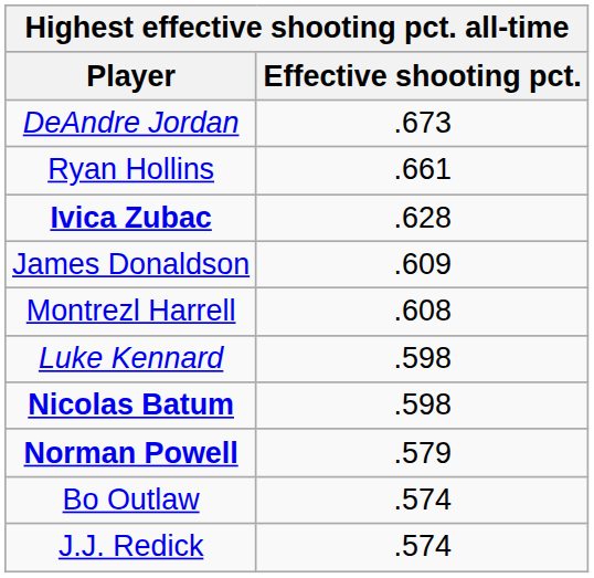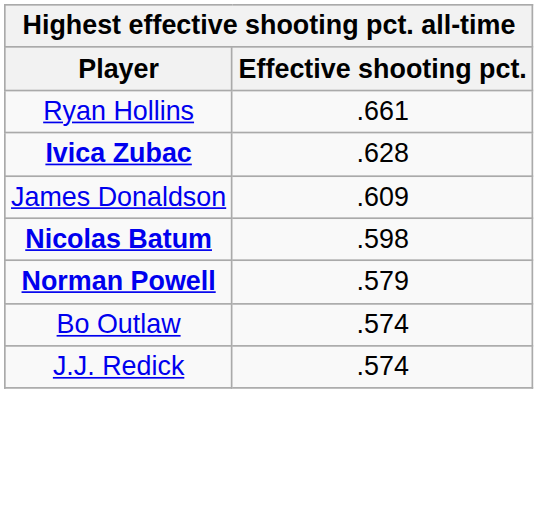 <table class="wikitable sortable" style="text-align:center">
 <tr>
 <th colspan="2">Highest effective shooting pct. all-time</th>
 </tr>
 <tr>
 <th>Player</th>
 <th>Effective shooting pct.</th>
-</tr>
-<tr>
-<td><em><a href='#'>DeAndre Jordan</a></em></td>
-<td>.673</td>
 </tr>
 <tr>
 <td><a href='#'>Ryan Hollins</a></td>
 <td>.661</td>
 </tr>
 <tr>
 <td><strong><a href='#'>Ivica Zubac</a></strong></td>
 <td>.628</td>
 </tr>
 <tr>
 <td><a href='#'>James Donaldson</a></td>
 <td>.609</td>
-</tr>
-<tr>
-<td><a href='#'>Montrezl Harrell</a></td>
-<td>.608</td>
-</tr>
-<tr>
-<td><em><a href='#'>Luke Kennard</a></em></td>
-<td>.598</td>
 </tr>
 <tr>
 <td><strong><a href='#'>Nicolas Batum</a></strong></td>
 <td>.598</td>
 </tr>
 <tr>
 <td><strong><a href='#'>Norman Powell</a></strong></td>
 <td>.579</td>
 </tr>
 <tr>
 <td><a href='#'>Bo Outlaw</a></td>
 <td>.574</td>
 </tr>
 <tr>
 <td><a href='#'>J.J. Redick</a></td>
 <td>.574</td>
 </tr>
 </table>
